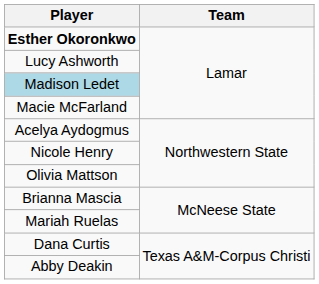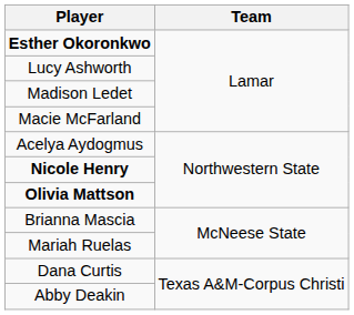 <table class="wikitable" style="text-align: center;">
 <tr>
 <th>Player</th>
 <th>Team</th>
 </tr>
 <tr>
 <td><strong>Esther Okoronkwo</strong></td>
 <td rowspan=4>Lamar</td>
 </tr>
 <tr>
 <td>Lucy Ashworth</td>
 </tr>
 <tr>
-<td style="background: lightblue;">Madison Ledet</td>
+<td>Madison Ledet</td>
 </tr>
 <tr>
 <td>Macie McFarland</td>
 </tr>
 <tr>
 <td>Acelya Aydogmus</td>
 <td rowspan=3>Northwestern State</td>
 </tr>
 <tr>
-<td>Nicole Henry</td>
+<td><strong>Nicole Henry</strong></td>
 </tr>
 <tr>
-<td>Olivia Mattson</td>
+<td><strong>Olivia Mattson</strong></td>
 </tr>
 <tr>
 <td>Brianna Mascia</td>
 <td rowspan=2>McNeese State</td>
 </tr>
 <tr>
 <td>Mariah Ruelas</td>
 </tr>
 <tr>
 <td>Dana Curtis</td>
 <td rowspan=2>Texas A&M-Corpus Christi</td>
 </tr>
 <tr>
 <td>Abby Deakin</td>
 </tr>
 </table>
